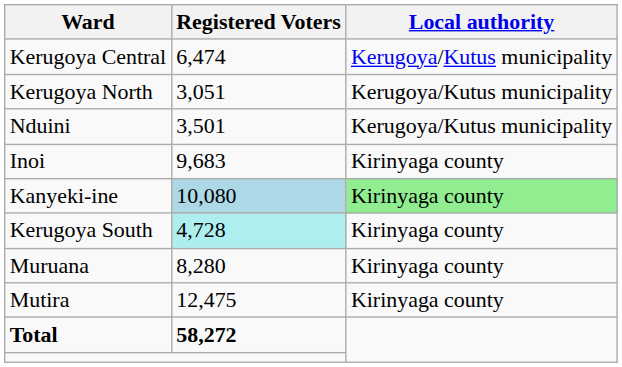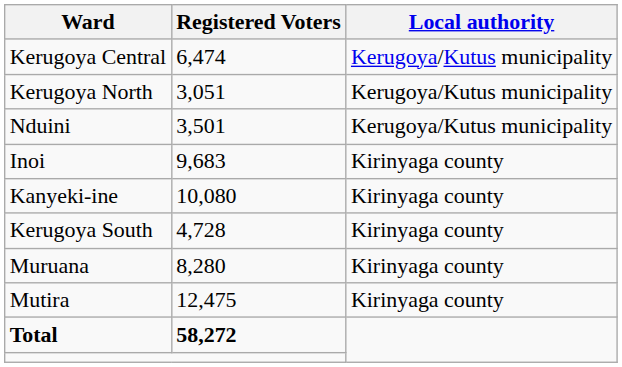 <table class="wikitable">
 <tr>
 <th>Ward</th>
 <th>Registered Voters</th>
 <th><a href='#'>Local authority</a></th>
 </tr>
 <tr>
 <td>Kerugoya Central</td>
 <td>6,474</td>
 <td><a href='#'>Kerugoya</a>/<a href='#'>Kutus</a> municipality</td>
 </tr>
 <tr>
 <td>Kerugoya North</td>
 <td>3,051</td>
 <td>Kerugoya/Kutus municipality</td>
 </tr>
 <tr>
 <td>Nduini</td>
 <td>3,501</td>
 <td>Kerugoya/Kutus municipality</td>
 </tr>
 <tr>
 <td>Inoi</td>
 <td>9,683</td>
 <td>Kirinyaga county</td>
 </tr>
 <tr>
 <td>Kanyeki-ine</td>
-<td style="background: lightblue;">10,080</td>
-<td style="background: lightgreen;">Kirinyaga county</td>
+<td>10,080</td>
+<td>Kirinyaga county</td>
 </tr>
 <tr>
 <td>Kerugoya South</td>
-<td style="background: paleturquoise;">4,728</td>
+<td>4,728</td>
 <td>Kirinyaga county</td>
 </tr>
 <tr>
 <td>Muruana</td>
 <td>8,280</td>
 <td>Kirinyaga county</td>
 </tr>
 <tr>
 <td>Mutira</td>
 <td>12,475</td>
 <td>Kirinyaga county</td>
 </tr>
 <tr>
 <td><strong>Total</strong></td>
 <td><strong>58,272</strong></td>
 </tr>
 <tr>
 <td colspan="2"></td>
 </tr>
 </table>
